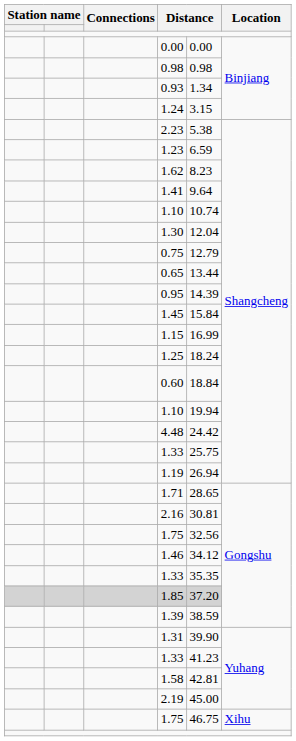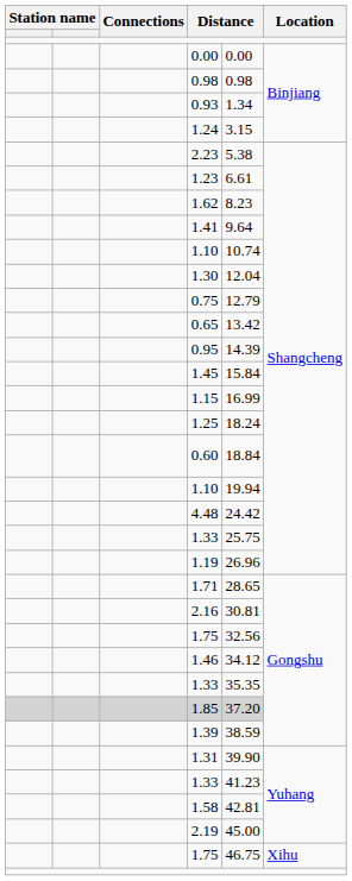 <table class="wikitable">
 <tr>
 <th colspan="2">Station name</th>
 <th rowspan="2">Connections</th>
 <th colspan="2" rowspan="2">Distance<br></th>
 <th rowspan="2">Location</th>
 </tr>
 <tr>
 <th></th>
 <th></th>
 </tr>
 <tr style="background:#">
 <td colspan="6"></td>
 </tr>
 <tr>
 <td></td>
 <td></td>
 <td></td>
 <td>0.00</td>
 <td>0.00</td>
 <td rowspan="4"><a href='#'>Binjiang</a></td>
 </tr>
 <tr>
 <td></td>
 <td></td>
 <td></td>
 <td>0.98</td>
 <td>0.98</td>
 </tr>
 <tr>
 <td></td>
 <td></td>
 <td></td>
 <td>0.93</td>
 <td>1.34</td>
 </tr>
 <tr>
 <td></td>
 <td></td>
 <td></td>
 <td>1.24</td>
 <td>3.15</td>
 </tr>
 <tr>
 <td></td>
 <td></td>
 <td></td>
 <td>2.23</td>
 <td>5.38</td>
 <td rowspan="17"><a href='#'>Shangcheng</a></td>
 </tr>
 <tr>
 <td></td>
 <td></td>
 <td></td>
 <td>1.23</td>
-<td>6.59</td>
+<td>6.61</td>
 </tr>
 <tr>
 <td></td>
 <td></td>
 <td></td>
 <td>1.62</td>
 <td>8.23</td>
 </tr>
 <tr>
 <td></td>
 <td></td>
 <td></td>
 <td>1.41</td>
 <td>9.64</td>
 </tr>
 <tr>
 <td></td>
 <td></td>
 <td></td>
 <td>1.10</td>
 <td>10.74</td>
 </tr>
 <tr>
 <td></td>
 <td></td>
 <td></td>
 <td>1.30</td>
 <td>12.04</td>
 </tr>
 <tr>
 <td></td>
 <td></td>
 <td></td>
 <td>0.75</td>
 <td>12.79</td>
 </tr>
 <tr>
 <td></td>
 <td></td>
 <td></td>
 <td>0.65</td>
-<td>13.44</td>
+<td>13.42</td>
 </tr>
 <tr>
 <td></td>
 <td></td>
 <td> </td>
 <td>0.95</td>
 <td>14.39</td>
 </tr>
 <tr>
 <td></td>
 <td></td>
 <td></td>
 <td>1.45</td>
 <td>15.84</td>
 </tr>
 <tr>
 <td></td>
 <td></td>
 <td></td>
 <td>1.15</td>
 <td>16.99</td>
 </tr>
 <tr>
 <td></td>
 <td></td>
 <td></td>
 <td>1.25</td>
 <td>18.24</td>
 </tr>
 <tr>
 <td></td>
 <td></td>
 <td> <br>  <br> </td>
 <td>0.60</td>
 <td>18.84</td>
 </tr>
 <tr>
 <td></td>
 <td></td>
 <td></td>
 <td>1.10</td>
 <td>19.94</td>
 </tr>
 <tr>
 <td></td>
 <td></td>
 <td></td>
 <td>4.48</td>
 <td>24.42</td>
 </tr>
 <tr>
 <td></td>
 <td></td>
 <td></td>
 <td>1.33</td>
 <td>25.75</td>
 </tr>
 <tr>
 <td></td>
 <td></td>
 <td></td>
 <td>1.19</td>
-<td>26.94</td>
+<td>26.96</td>
 </tr>
 <tr>
 <td></td>
 <td></td>
 <td></td>
 <td>1.71</td>
 <td>28.65</td>
 <td rowspan="7"><a href='#'>Gongshu</a></td>
 </tr>
 <tr>
 <td></td>
 <td></td>
 <td></td>
 <td>2.16</td>
 <td>30.81</td>
 </tr>
 <tr>
 <td></td>
 <td></td>
 <td></td>
 <td>1.75</td>
 <td>32.56</td>
 </tr>
 <tr>
 <td></td>
 <td></td>
 <td></td>
 <td>1.46</td>
 <td>34.12</td>
 </tr>
 <tr>
 <td></td>
 <td></td>
 <td></td>
 <td>1.33</td>
 <td>35.35</td>
 </tr>
 <tr bgcolor="lightgrey">
 <td><em></em></td>
 <td></td>
 <td></td>
 <td>1.85</td>
 <td>37.20</td>
 </tr>
 <tr>
 <td></td>
 <td></td>
 <td></td>
 <td>1.39</td>
 <td>38.59</td>
 </tr>
 <tr>
 <td></td>
 <td></td>
 <td></td>
 <td>1.31</td>
 <td>39.90</td>
 <td rowspan="4"><a href='#'>Yuhang</a></td>
 </tr>
 <tr>
 <td></td>
 <td></td>
 <td></td>
 <td>1.33</td>
 <td>41.23</td>
 </tr>
 <tr>
 <td></td>
 <td></td>
 <td></td>
 <td>1.58</td>
 <td>42.81</td>
 </tr>
 <tr>
 <td></td>
 <td></td>
 <td></td>
 <td>2.19</td>
 <td>45.00</td>
 </tr>
 <tr>
 <td></td>
 <td></td>
 <td></td>
 <td>1.75</td>
 <td>46.75</td>
 <td rowspan="1"><a href='#'>Xihu</a></td>
 </tr>
 <tr style="background:#">
 <td colspan="6"></td>
 </tr>
 </table>
